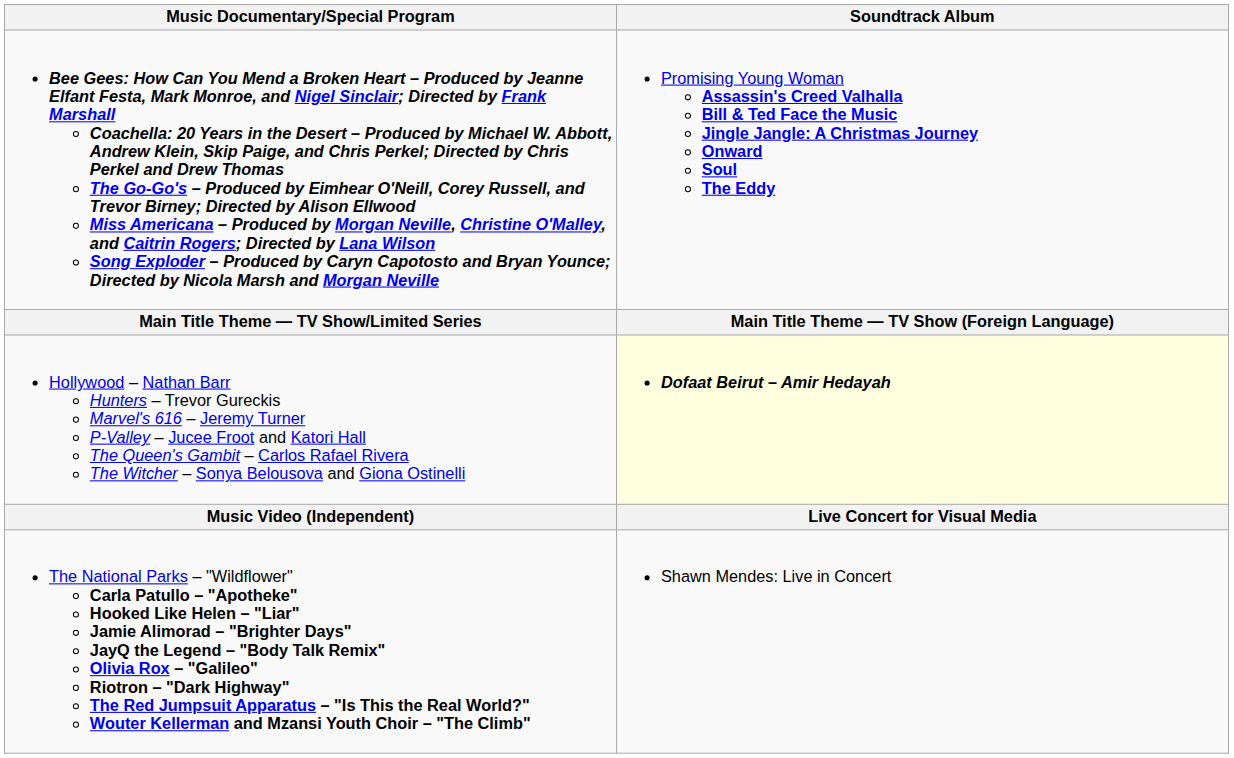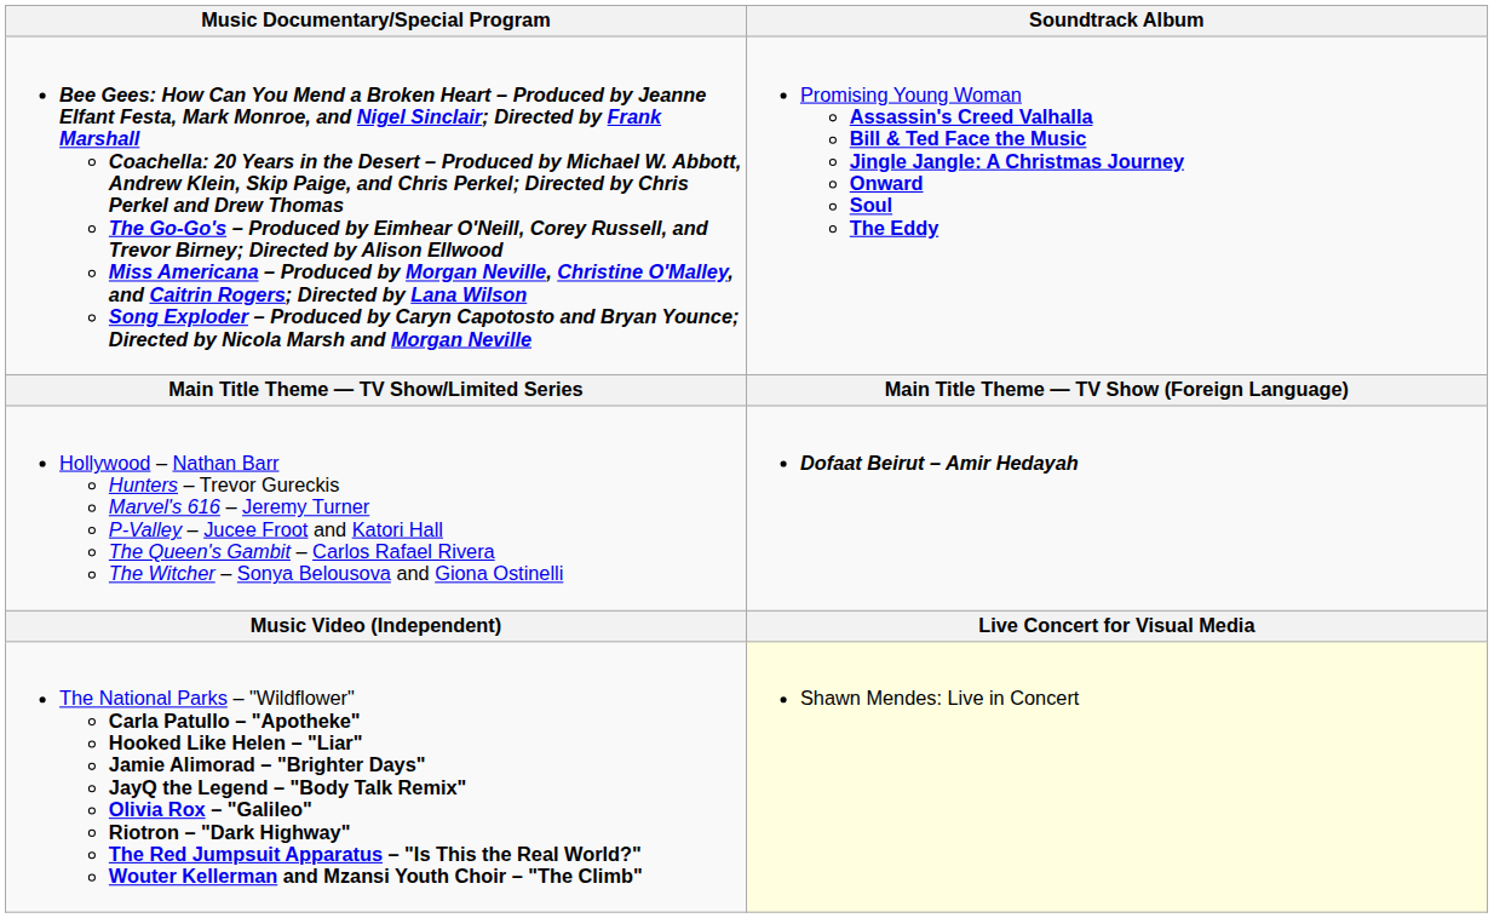 <table class="wikitable" style="width:95%">
 <tr>
 <th width="50%">Music Documentary/Special Program</th>
 <th width="50%">Soundtrack Album</th>
 </tr>
 <tr>
 <td valign="top"><br><ul><li><strong><em>Bee Gees: How Can You Mend a Broken Heart<em> – Produced by Jeanne Elfant Festa, Mark Monroe, and <a href='#'>Nigel Sinclair</a>; Directed by <a href='#'>Frank Marshall</a><strong><ul><li></em>Coachella: 20 Years in the Desert<em> – Produced by Michael W. Abbott, Andrew Klein, Skip Paige, and Chris Perkel; Directed by Chris Perkel and Drew Thomas</li><li></em><a href='#'>The Go-Go's</a><em> – Produced by Eimhear O'Neill, Corey Russell, and Trevor Birney; Directed by Alison Ellwood</li><li></em><a href='#'>Miss Americana</a><em> – Produced by <a href='#'>Morgan Neville</a>, <a href='#'>Christine O'Malley</a>, and <a href='#'>Caitrin Rogers</a>; Directed by <a href='#'>Lana Wilson</a></li><li></em><a href='#'>Song Exploder</a><em> – Produced by Caryn Capotosto and Bryan Younce; Directed by Nicola Marsh and <a href='#'>Morgan Neville</a></li></ul></li></ul></td>
 <td valign="top"><br><ul><li></em></strong><a href='#'>Promising Young Woman</a><strong><em><ul><li></em><a href='#'>Assassin's Creed Valhalla</a><em></li><li></em><a href='#'>Bill & Ted Face the Music</a><em></li><li></em><a href='#'>Jingle Jangle: A Christmas Journey</a><em></li><li></em><a href='#'>Onward</a><em></li><li></em><a href='#'>Soul</a><em></li><li></em><a href='#'>The Eddy</a><em></li></ul></li></ul></td>
 </tr>
 <tr>
 <th width="50%">Main Title Theme — TV Show/Limited Series</th>
 <th width="50%">Main Title Theme — TV Show (Foreign Language)</th>
 </tr>
 <tr>
 <td valign="top"><br><ul><li></em></strong><a href='#'>Hollywood</a></em> – <a href='#'>Nathan Barr</a></strong><ul><li><em><a href='#'>Hunters</a></em> – Trevor Gureckis</li><li><em><a href='#'>Marvel's 616</a></em> – <a href='#'>Jeremy Turner</a></li><li><em><a href='#'>P-Valley</a></em> – <a href='#'>Jucee Froot</a> and <a href='#'>Katori Hall</a></li><li><em><a href='#'>The Queen's Gambit</a></em> – <a href='#'>Carlos Rafael Rivera</a></li><li><em><a href='#'>The Witcher</a></em> – <a href='#'>Sonya Belousova</a> and <a href='#'>Giona Ostinelli</a></li></ul></li></ul></td>
-<td valign="top" style="background: lightyellow;"><br><ul><li><strong><em>Dofaat Beirut<em> – Amir Hedayah<strong></li></ul></td>
+<td valign="top"><br><ul><li><strong><em>Dofaat Beirut<em> – Amir Hedayah<strong></li></ul></td>
 </tr>
 <tr>
 <th width="50%">Music Video (Independent)</th>
 <th width="50%">Live Concert for Visual Media</th>
 </tr>
 <tr>
 <td valign="top"><br><ul><li></strong><a href='#'>The National Parks</a> – "Wildflower"<strong><ul><li>Carla Patullo – "Apotheke"</li><li>Hooked Like Helen – "Liar"</li><li>Jamie Alimorad – "Brighter Days"</li><li>JayQ the Legend – "Body Talk Remix"</li><li><a href='#'>Olivia Rox</a> – "Galileo"</li><li>Riotron – "Dark Highway"</li><li><a href='#'>The Red Jumpsuit Apparatus</a> – "Is This the Real World?"</li><li><a href='#'>Wouter Kellerman</a> and Mzansi Youth Choir – "The Climb"</li></ul></li></ul></td>
-<td valign="top"><br><ul><li></em></strong>Shawn Mendes: Live in Concert<strong><em></li></ul></td>
+<td valign="top" style="background: lightyellow;"><br><ul><li></em></strong>Shawn Mendes: Live in Concert<strong><em></li></ul></td>
 </tr>
 </table>
